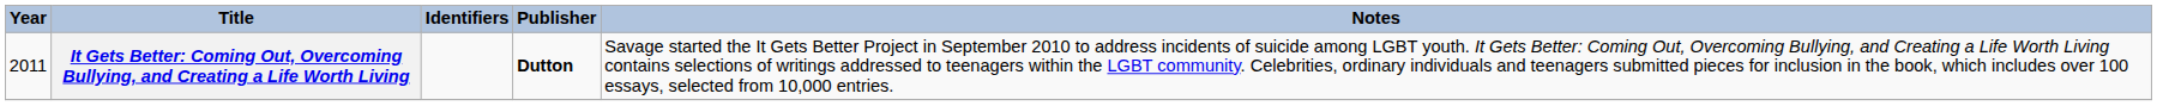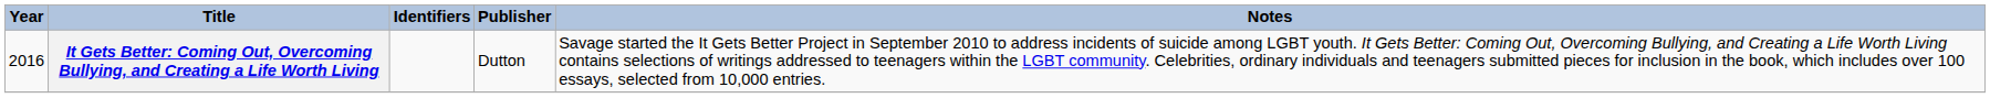 <table class="wikitable sortable plainrowheaders">
 <tr style="text-align:center;">
 <th scope="col" style="background:#B0C4DE;">Year</th>
 <th scope="col" style="background:#B0C4DE;">Title</th>
 <th scope="col" style="background:#B0C4DE;">Identifiers</th>
 <th scope="col" style="background:#B0C4DE;">Publisher</th>
 <th scope="col" style="background:#B0C4DE;" class="unsortable">Notes</th>
 </tr>
 <tr>
-<td>2011</td>
+<td>2016</td>
 <th scope="row"><em><a href='#'>It Gets Better: Coming Out, Overcoming Bullying, and Creating a Life Worth Living</a></em></th>
 <td><br><br></td>
-<td><strong>Dutton</strong></td>
+<td>Dutton</td>
 <td>Savage started the It Gets Better Project in September 2010 to address incidents of suicide among LGBT youth. <em>It Gets Better: Coming Out, Overcoming Bullying, and Creating a Life Worth Living</em> contains selections of writings addressed to teenagers within the <a href='#'>LGBT community</a>. Celebrities, ordinary individuals and teenagers submitted pieces for inclusion in the book, which includes over 100 essays, selected from 10,000 entries.</td>
 </tr>
 <tr>
 </tr>
 </table>
